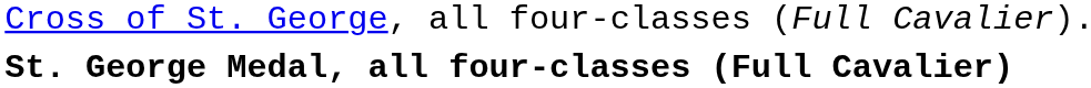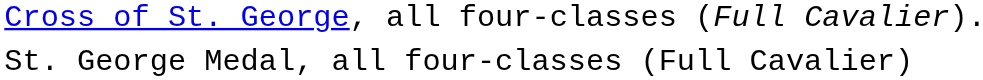 <table>
 <tr>
 <td></td>
 <td><a href='#'>Cross of St. George</a>, all four-classes (<em>Full Cavalier</em>).</td>
 </tr>
 <tr>
 <td></td>
-<td><strong>St. George Medal, all four-classes (Full Cavalier)</strong></td>
+<td>St. George Medal, all four-classes (Full Cavalier)</td>
 </tr>
 <tr>
 </tr>
 </table>
